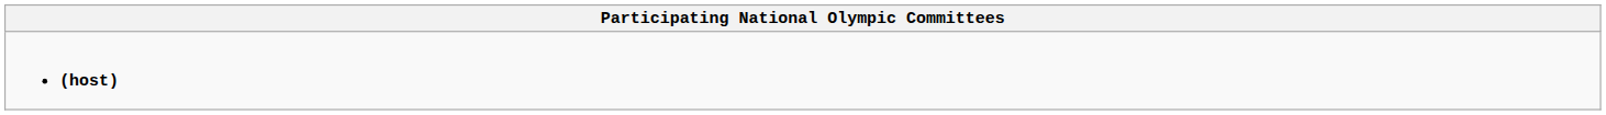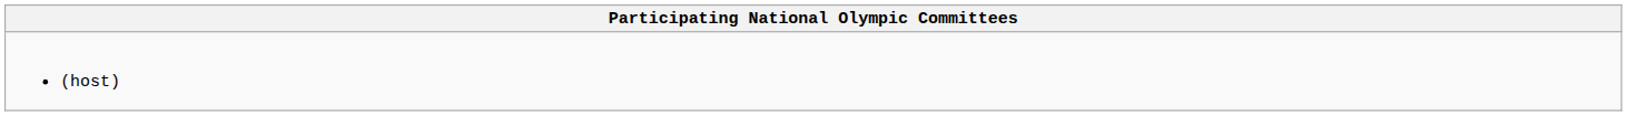 <table class="wikitable collapsible" style="width:100%;">
 <tr>
 <th>Participating National Olympic Committees</th>
 </tr>
 <tr>
-<td><strong><br><ul><li> (host)</li></ul></strong></td>
+<td><br><ul><li> (host)</li></ul></td>
 </tr>
 </table>
